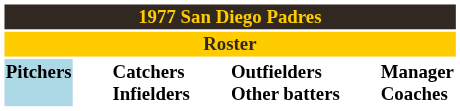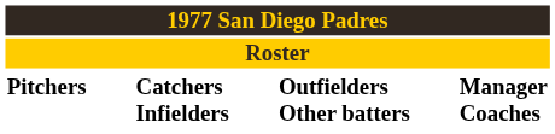 <table class="toccolours" style="font-size: 95%;">
 <tr>
 <th colspan="10" style="background-color: #312821; color: #FFCC00; text-align: center;">1977 San Diego Padres</th>
 </tr>
 <tr>
 <td colspan="10" style="background-color: #FFCC00; color: #312821; text-align: center;"><strong>Roster</strong></td>
 </tr>
 <tr>
-<td valign="top" style="background: lightblue;"><strong>Pitchers</strong><br>              </td>
+<td valign="top"><strong>Pitchers</strong><br>              </td>
 <td width="25px"></td>
 <td valign="top"><strong>Catchers</strong><br>   <strong>Infielders</strong>         </td>
 <td width="25px"></td>
 <td valign="top"><strong>Outfielders</strong><br>       <strong>Other batters</strong> </td>
 <td width="25px"></td>
 <td valign="top"><strong>Manager</strong><br>   <strong>Coaches</strong>     </td>
 </tr>
 </table>
